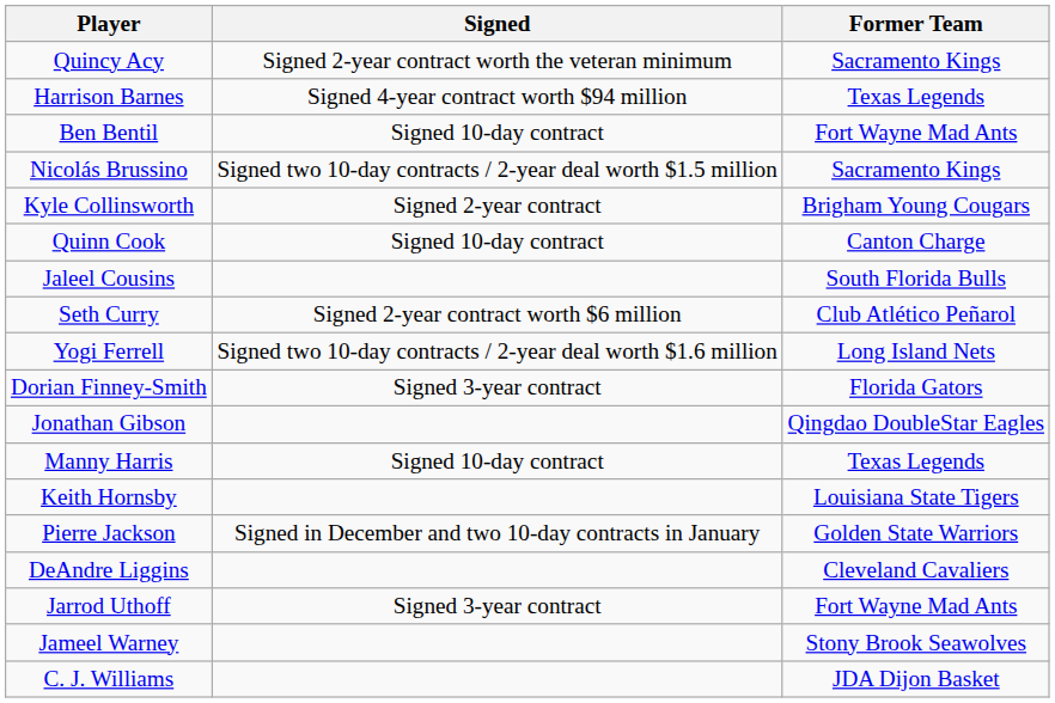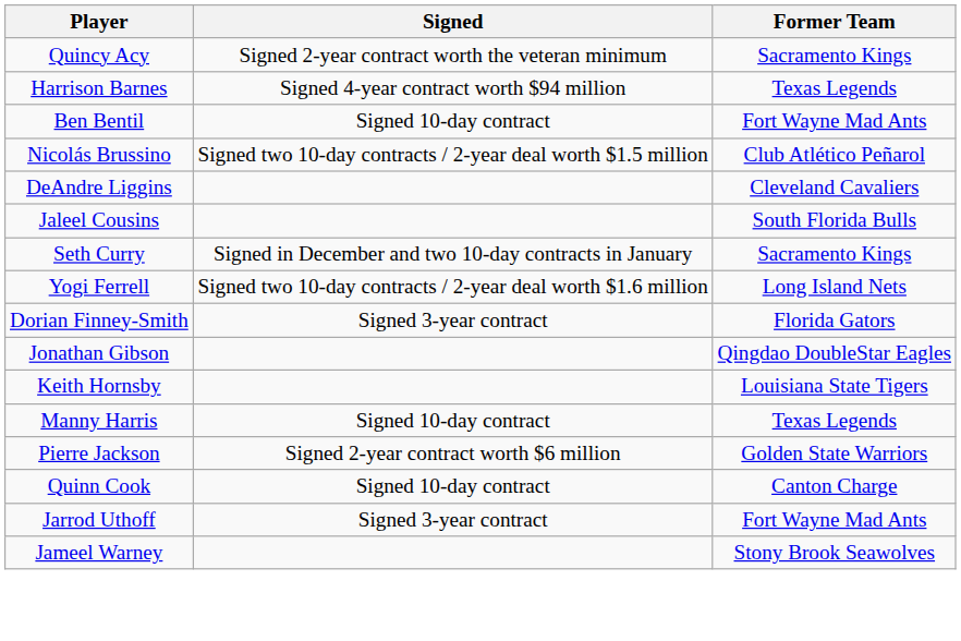 <table class="wikitable sortable sortable">
 <tr>
 <th>Player</th>
 <th>Signed</th>
 <th>Former Team</th>
 </tr>
 <tr style="text-align: center">
 <td><a href='#'>Quincy Acy</a></td>
 <td>Signed 2-year contract worth the veteran minimum</td>
 <td><a href='#'>Sacramento Kings</a></td>
 </tr>
 <tr style="text-align: center">
 <td><a href='#'>Harrison Barnes</a></td>
 <td>Signed 4-year contract worth $94 million</td>
 <td><a href='#'>Texas Legends</a></td>
 </tr>
 <tr style="text-align: center">
 <td><a href='#'>Ben Bentil</a></td>
 <td>Signed 10-day contract</td>
 <td><a href='#'>Fort Wayne Mad Ants</a></td>
 </tr>
 <tr style="text-align: center">
 <td><a href='#'>Nicolás Brussino</a></td>
 <td>Signed two 10-day contracts / 2-year deal worth $1.5 million</td>
-<td><a href='#'>Sacramento Kings</a></td>
+<td> <a href='#'>Club Atlético Peñarol</a></td>
 </tr>
 <tr style="text-align: center">
-<td><a href='#'>Kyle Collinsworth</a></td>
-<td>Signed 2-year contract</td>
-<td><a href='#'>Brigham Young Cougars</a></td>
-</tr>
-<tr style="text-align: center">
-<td><a href='#'>Quinn Cook</a></td>
-<td>Signed 10-day contract</td>
-<td><a href='#'>Canton Charge</a></td>
+<td><a href='#'>DeAndre Liggins</a></td>
+<td></td>
+<td><a href='#'>Cleveland Cavaliers</a></td>
 </tr>
 <tr style="text-align: center">
 <td><a href='#'>Jaleel Cousins</a></td>
 <td></td>
 <td><a href='#'>South Florida Bulls</a></td>
 </tr>
 <tr style="text-align: center">
 <td><a href='#'>Seth Curry</a></td>
-<td>Signed 2-year contract worth $6 million</td>
-<td> <a href='#'>Club Atlético Peñarol</a></td>
+<td>Signed in December and two 10-day contracts in January</td>
+<td><a href='#'>Sacramento Kings</a></td>
 </tr>
 <tr style="text-align: center">
 <td><a href='#'>Yogi Ferrell</a></td>
 <td>Signed two 10-day contracts / 2-year deal worth $1.6 million</td>
 <td><a href='#'>Long Island Nets</a></td>
 </tr>
 <tr style="text-align: center">
 <td><a href='#'>Dorian Finney-Smith</a></td>
 <td>Signed 3-year contract</td>
 <td><a href='#'>Florida Gators</a></td>
 </tr>
 <tr style="text-align: center">
 <td><a href='#'>Jonathan Gibson</a></td>
 <td></td>
 <td> <a href='#'>Qingdao DoubleStar Eagles</a></td>
 </tr>
 <tr style="text-align: center">
+<td><a href='#'>Keith Hornsby</a></td>
+<td></td>
+<td><a href='#'>Louisiana State Tigers</a></td>
+</tr>
+<tr style="text-align: center">
 <td><a href='#'>Manny Harris</a></td>
 <td>Signed 10-day contract</td>
 <td><a href='#'>Texas Legends</a></td>
 </tr>
 <tr style="text-align: center">
-<td><a href='#'>Keith Hornsby</a></td>
-<td></td>
-<td><a href='#'>Louisiana State Tigers</a></td>
-</tr>
-<tr style="text-align: center">
 <td><a href='#'>Pierre Jackson</a></td>
-<td>Signed in December and two 10-day contracts in January</td>
+<td>Signed 2-year contract worth $6 million</td>
 <td><a href='#'>Golden State Warriors</a></td>
 </tr>
 <tr style="text-align: center">
-<td><a href='#'>DeAndre Liggins</a></td>
-<td></td>
-<td><a href='#'>Cleveland Cavaliers</a></td>
+<td><a href='#'>Quinn Cook</a></td>
+<td>Signed 10-day contract</td>
+<td><a href='#'>Canton Charge</a></td>
 </tr>
 <tr style="text-align: center">
 <td><a href='#'>Jarrod Uthoff</a></td>
 <td>Signed 3-year contract</td>
 <td><a href='#'>Fort Wayne Mad Ants</a></td>
 </tr>
 <tr style="text-align: center">
 <td><a href='#'>Jameel Warney</a></td>
 <td></td>
 <td><a href='#'>Stony Brook Seawolves</a></td>
 </tr>
-<tr style="text-align: center">
-<td><a href='#'>C. J. Williams</a></td>
-<td></td>
-<td> <a href='#'>JDA Dijon Basket</a></td>
-</tr>
 </table>
